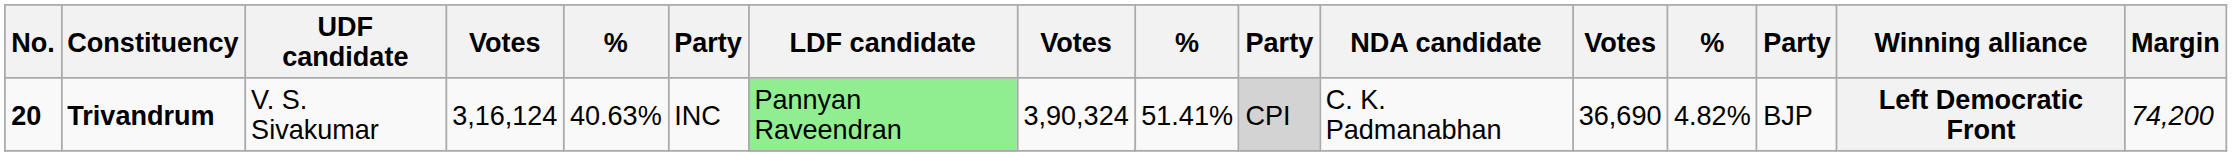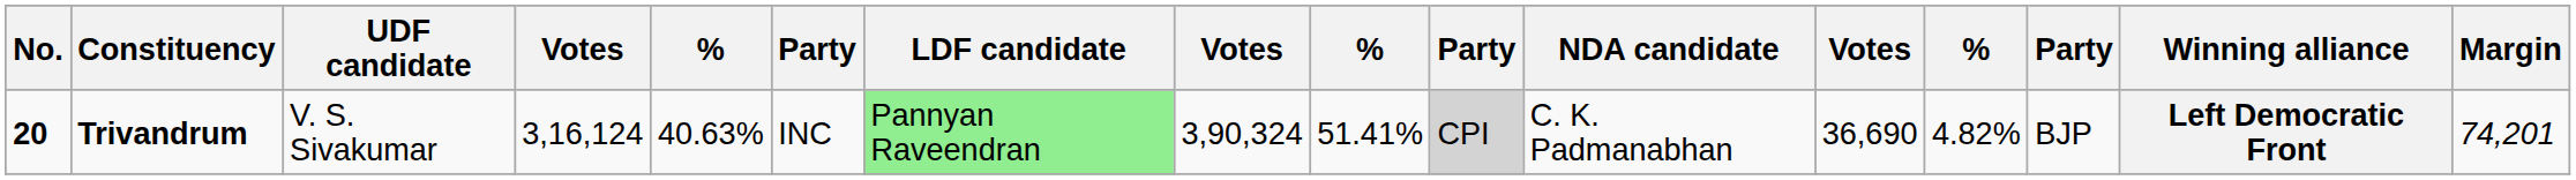 <table class="wikitable sortable" style="font-size:95%;">
 <tr>
 <th>No.</th>
 <th>Constituency</th>
 <th>UDF candidate</th>
 <th>Votes</th>
 <th>%</th>
 <th>Party</th>
 <th>LDF candidate</th>
 <th>Votes</th>
 <th>%</th>
 <th>Party</th>
 <th>NDA candidate</th>
 <th>Votes</th>
 <th>%</th>
 <th>Party</th>
 <th>Winning alliance</th>
 <th>Margin</th>
 </tr>
 <tr>
 <td><strong>20</strong></td>
 <td><strong>Trivandrum</strong></td>
 <td>V. S. Sivakumar</td>
 <td>3,16,124</td>
 <td>40.63%</td>
 <td>INC</td>
 <td style="background:lightgreen;">Pannyan Raveendran</td>
 <td>3,90,324</td>
 <td>51.41%</td>
 <td style="background: lightgrey;">CPI</td>
 <td>C. K. Padmanabhan</td>
 <td>36,690</td>
 <td>4.82%</td>
 <td>BJP</td>
 <th style="background:">Left Democratic Front</th>
-<td><em>74,200</em></td>
+<td><em>74,201</em></td>
 </tr>
 </table>
